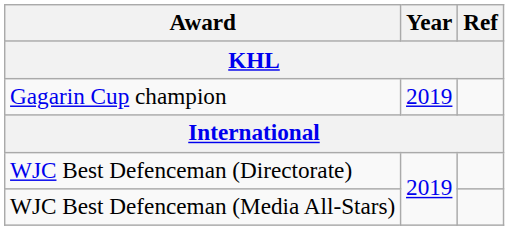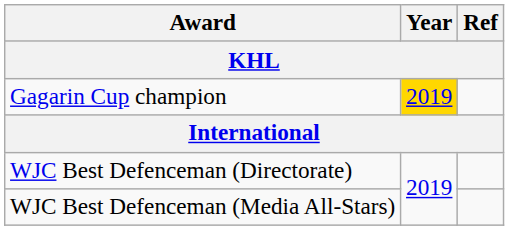 <table class="wikitable">
 <tr>
 <th>Award</th>
 <th>Year</th>
 <th>Ref</th>
 </tr>
 <tr>
 <th colspan="3"><a href='#'>KHL</a></th>
 </tr>
 <tr>
 <td><a href='#'>Gagarin Cup</a> champion</td>
-<td><a href='#'>2019</a></td>
+<td style="background: gold;"><a href='#'>2019</a></td>
 <td></td>
 </tr>
 <tr>
 <th colspan="3"><a href='#'>International</a></th>
 </tr>
 <tr>
 <td><a href='#'>WJC</a> Best Defenceman (Directorate)</td>
 <td rowspan="2"><a href='#'>2019</a></td>
 <td></td>
 </tr>
 <tr>
 <td>WJC Best Defenceman (Media All-Stars)</td>
 <td></td>
 </tr>
 </table>
